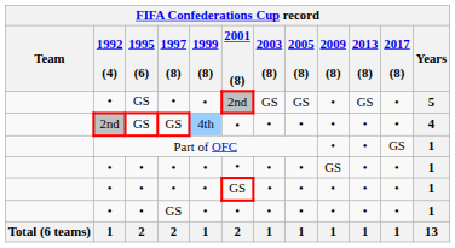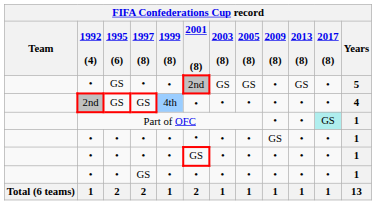 <table class="wikitable" style="text-align: center">
 <tr>
 <th colspan=12><a href='#'>FIFA Confederations Cup</a> record</th>
 </tr>
 <tr>
 <th>Team</th>
 <th><a href='#'>1992</a><br><br>(4)</th>
 <th><a href='#'>1995</a><br><br>(6)</th>
 <th><a href='#'>1997</a><br><br>(8)</th>
 <th><a href='#'>1999</a><br><br>(8)</th>
 <th><a href='#'>2001</a><br><br><br>(8)</th>
 <th><a href='#'>2003</a><br><br>(8)</th>
 <th><a href='#'>2005</a><br><br>(8)</th>
 <th><a href='#'>2009</a><br><br>(8)</th>
 <th><a href='#'>2013</a><br><br>(8)</th>
 <th><a href='#'>2017</a><br><br>(8)</th>
 <th>Years</th>
 </tr>
 <tr>
 <td align=left></td>
 <td>•</td>
 <td>GS</td>
 <td>•</td>
 <td>•</td>
 <td style="border:3px solid red; background:Silver;">2nd</td>
 <td>GS</td>
 <td>GS</td>
 <td>•</td>
 <td>GS</td>
 <td>•</td>
 <th>5</th>
 </tr>
 <tr>
 <td align=left></td>
 <td bgcolor=silver style="border:3px solid red">2nd</td>
 <td style="border:3px solid red">GS</td>
 <td style="border:3px solid red">GS</td>
 <td bgcolor=9acdff>4th</td>
 <td>•</td>
 <td>•</td>
 <td>•</td>
 <td>•</td>
 <td>•</td>
 <td>•</td>
 <th>4</th>
 </tr>
 <tr>
 <td align=left></td>
 <td colspan=7>Part of <a href='#'>OFC</a></td>
 <td>•</td>
 <td>•</td>
-<td>GS</td>
+<td style="background: paleturquoise;">GS</td>
 <th>1</th>
 </tr>
 <tr>
 <td align=left></td>
 <td>•</td>
 <td>•</td>
 <td>•</td>
 <td>•</td>
 <td>•</td>
 <td>•</td>
 <td>•</td>
 <td>GS</td>
 <td>•</td>
 <td>•</td>
 <th>1</th>
 </tr>
 <tr>
 <td align=left></td>
 <td>•</td>
 <td>•</td>
 <td>•</td>
 <td>•</td>
 <td style="border:3px solid red">GS</td>
 <td>•</td>
 <td>•</td>
 <td>•</td>
 <td>•</td>
 <td>•</td>
 <th>1</th>
 </tr>
 <tr>
 <td align=left></td>
 <td>•</td>
 <td>•</td>
 <td>GS</td>
 <td>•</td>
 <td>•</td>
 <td>•</td>
 <td>•</td>
 <td>•</td>
 <td>•</td>
 <td>•</td>
 <th>1</th>
 </tr>
 <tr>
 <th align=left>Total (6 teams)</th>
 <th>1</th>
 <th>2</th>
 <th>2</th>
 <th>1</th>
 <th>2</th>
 <th>1</th>
 <th>1</th>
 <th>1</th>
 <th>1</th>
 <th>1</th>
 <th>13</th>
 </tr>
 </table>
